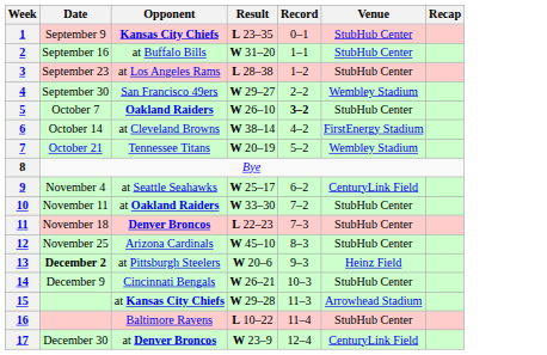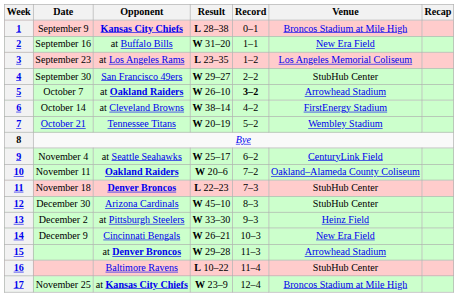 <table class="wikitable" style="text-align:center">
 <tr>
 <th>Week</th>
 <th>Date</th>
 <th>Opponent</th>
 <th>Result</th>
 <th>Record</th>
 <th>Venue</th>
 <th>Recap</th>
 </tr>
 <tr style="background:#fcc">
 <th><a href='#'>1</a></th>
 <td>September 9</td>
 <td><strong><a href='#'>Kansas City Chiefs</a></strong></td>
-<td><strong>L</strong> 23–35</td>
+<td><strong>L</strong> 28–38</td>
 <td>0–1</td>
-<td><a href='#'>StubHub Center</a></td>
+<td><a href='#'>Broncos Stadium at Mile High</a></td>
 <td></td>
 </tr>
 <tr style="background:#cfc">
 <th><a href='#'>2</a></th>
 <td>September 16</td>
 <td>at <a href='#'>Buffalo Bills</a></td>
 <td><strong>W</strong> 31–20</td>
 <td>1–1</td>
-<td><a href='#'>StubHub Center</a></td>
+<td><a href='#'>New Era Field</a></td>
 <td></td>
 </tr>
 <tr style="background:#fcc">
 <th><a href='#'>3</a></th>
 <td>September 23</td>
 <td>at <a href='#'>Los Angeles Rams</a></td>
-<td><strong>L</strong> 28–38</td>
+<td><strong>L</strong> 23–35</td>
 <td>1–2</td>
-<td>StubHub Center</td>
+<td><a href='#'>Los Angeles Memorial Coliseum</a></td>
 <td></td>
 </tr>
 <tr style="background:#cfc">
 <th><a href='#'>4</a></th>
 <td>September 30</td>
 <td><a href='#'>San Francisco 49ers</a></td>
 <td><strong>W</strong> 29–27</td>
 <td>2–2</td>
-<td> <a href='#'>Wembley Stadium</a> </td>
+<td>StubHub Center</td>
 <td></td>
 </tr>
 <tr style="background:#cfc">
 <th><a href='#'>5</a></th>
 <td>October 7</td>
-<td><strong><a href='#'>Oakland Raiders</a></strong></td>
+<td>at <strong><a href='#'>Oakland Raiders</a></strong></td>
 <td><strong>W</strong> 26–10</td>
 <td><strong>3–2</strong></td>
-<td>StubHub Center</td>
+<td><a href='#'>Arrowhead Stadium</a></td>
 <td></td>
 </tr>
 <tr style="background:#cfc">
 <th><a href='#'>6</a></th>
 <td>October 14</td>
 <td>at <a href='#'>Cleveland Browns</a></td>
 <td><strong>W</strong> 38–14</td>
 <td>4–2</td>
 <td><a href='#'>FirstEnergy Stadium</a></td>
 <td></td>
 </tr>
 <tr style="background:#cfc">
 <th><a href='#'>7</a></th>
 <td><a href='#'>October 21</a></td>
 <td><a href='#'>Tennessee Titans</a></td>
 <td><strong>W</strong> 20–19</td>
 <td>5–2</td>
 <td> <a href='#'>Wembley Stadium</a> </td>
 <td></td>
 </tr>
 <tr>
 <th>8</th>
 <td colspan="6"><em><a href='#'>Bye</a></em></td>
 </tr>
 <tr style="background:#cfc">
 <th><a href='#'>9</a></th>
 <td>November 4</td>
 <td>at <a href='#'>Seattle Seahawks</a></td>
 <td><strong>W</strong> 25–17</td>
 <td>6–2</td>
 <td><a href='#'>CenturyLink Field</a></td>
 <td></td>
 </tr>
 <tr style="background:#cfc">
 <th><a href='#'>10</a></th>
 <td>November 11</td>
-<td>at <strong><a href='#'>Oakland Raiders</a></strong></td>
-<td><strong>W</strong> 33–30</td>
+<td><strong><a href='#'>Oakland Raiders</a></strong></td>
+<td><strong>W</strong> 20–6</td>
 <td>7–2</td>
-<td>StubHub Center</td>
+<td><a href='#'>Oakland–Alameda County Coliseum</a></td>
 <td></td>
 </tr>
 <tr style="background:#fcc">
 <th><a href='#'>11</a></th>
 <td>November 18</td>
 <td><strong><a href='#'>Denver Broncos</a></strong></td>
 <td><strong>L</strong> 22–23</td>
 <td>7–3</td>
 <td>StubHub Center</td>
 <td></td>
 </tr>
 <tr style="background:#cfc">
 <th><a href='#'>12</a></th>
-<td>November 25</td>
+<td>December 30</td>
 <td><a href='#'>Arizona Cardinals</a></td>
 <td><strong>W</strong> 45–10</td>
 <td>8–3</td>
 <td>StubHub Center</td>
 <td></td>
 </tr>
 <tr style="background:#cfc">
 <th><a href='#'>13</a></th>
-<td><strong>December 2</strong></td>
+<td>December 2</td>
 <td>at <a href='#'>Pittsburgh Steelers</a></td>
-<td><strong>W</strong> 20–6</td>
+<td><strong>W</strong> 33–30</td>
 <td>9–3</td>
 <td><a href='#'>Heinz Field</a></td>
 <td></td>
 </tr>
 <tr style="background:#cfc">
 <th><a href='#'>14</a></th>
 <td>December 9</td>
 <td><a href='#'>Cincinnati Bengals</a></td>
 <td><strong>W</strong> 26–21</td>
 <td>10–3</td>
-<td>StubHub Center</td>
+<td><a href='#'>New Era Field</a></td>
 <td></td>
 </tr>
 <tr style="background:#cfc">
 <th><a href='#'>15</a></th>
 <td></td>
-<td>at <strong><a href='#'>Kansas City Chiefs</a></strong></td>
+<td>at <strong><a href='#'>Denver Broncos</a></strong></td>
 <td><strong>W</strong> 29–28</td>
 <td>11–3</td>
 <td><a href='#'>Arrowhead Stadium</a></td>
 <td></td>
 </tr>
 <tr style="background:#fcc">
 <th><a href='#'>16</a></th>
 <td></td>
 <td><a href='#'>Baltimore Ravens</a></td>
 <td><strong>L</strong> 10–22</td>
 <td>11–4</td>
 <td>StubHub Center</td>
 <td></td>
 </tr>
 <tr style="background:#cfc">
 <th><a href='#'>17</a></th>
-<td>December 30</td>
-<td>at <strong><a href='#'>Denver Broncos</a></strong></td>
+<td>November 25</td>
+<td>at <strong><a href='#'>Kansas City Chiefs</a></strong></td>
 <td><strong>W</strong> 23–9</td>
 <td>12–4</td>
-<td><a href='#'>CenturyLink Field</a></td>
+<td><a href='#'>Broncos Stadium at Mile High</a></td>
 <td></td>
 </tr>
 </table>
